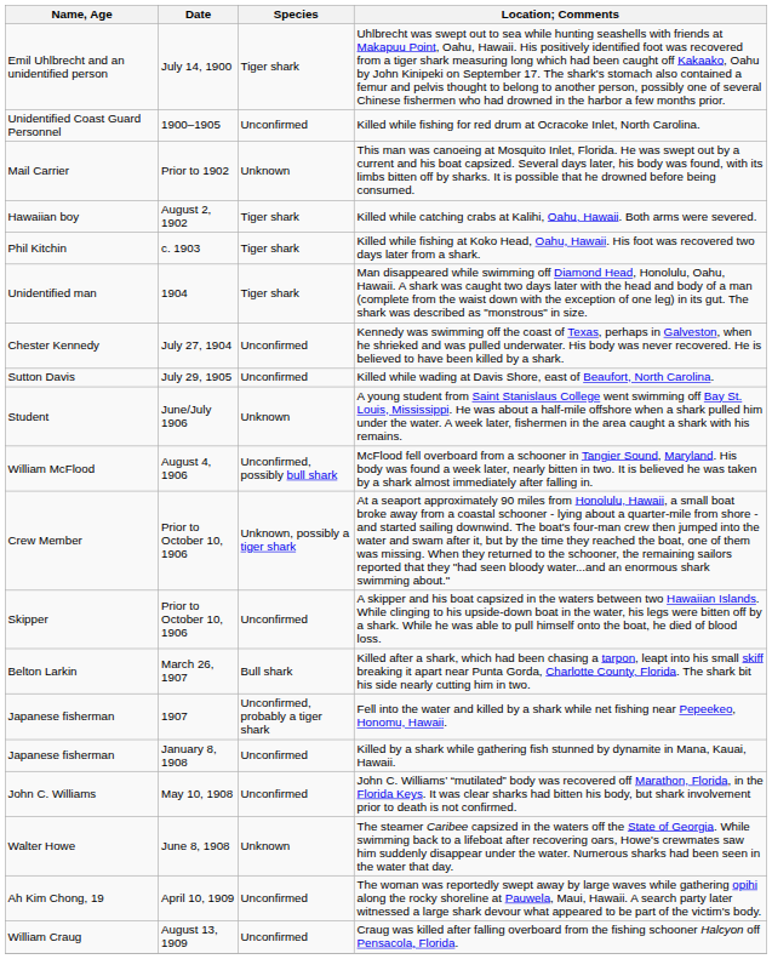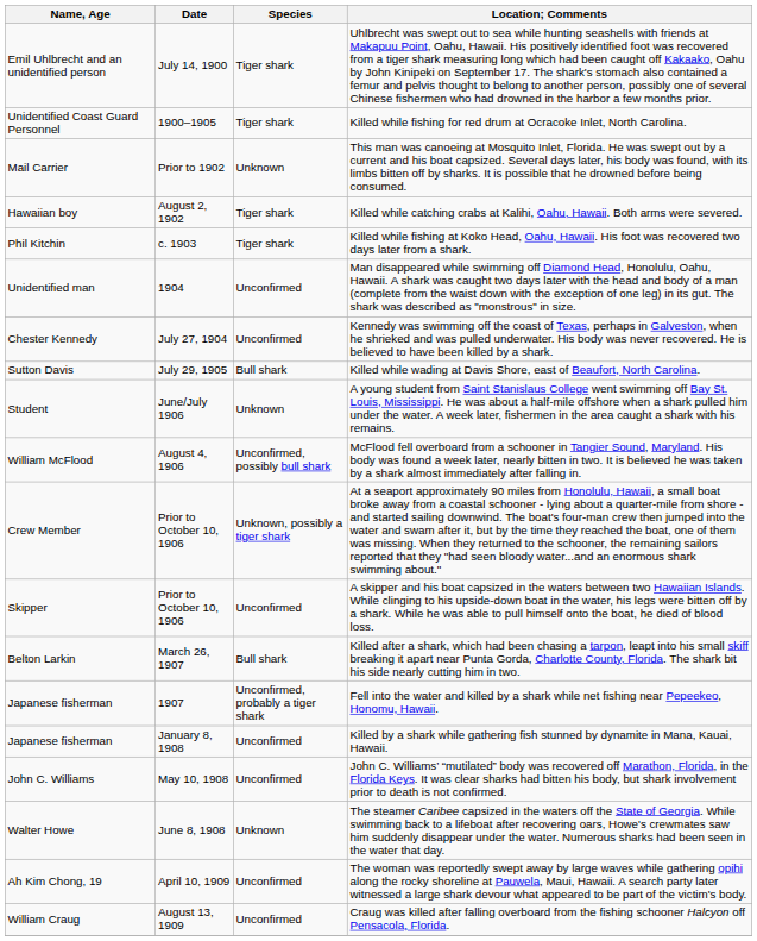 <table class="wikitable">
 <tr>
 <th width="200">Name, Age</th>
 <th width="100">Date</th>
 <th width="150">Species</th>
 <th width="550">Location; Comments</th>
 </tr>
 <tr>
 <td>Emil Uhlbrecht and an unidentified person</td>
 <td>July 14, 1900</td>
 <td>Tiger shark</td>
 <td>Uhlbrecht was swept out to sea while hunting seashells with friends at <a href='#'>Makapuu Point</a>, Oahu, Hawaii. His positively identified foot was recovered from a tiger shark measuring  long which had been caught off <a href='#'>Kakaako</a>, Oahu by John Kinipeki on September 17. The shark's stomach also contained a femur and pelvis thought to belong to another person, possibly one of several Chinese fishermen who had drowned in the harbor a few months prior.</td>
 </tr>
 <tr>
 <td>Unidentified Coast Guard Personnel</td>
 <td>1900–1905</td>
-<td>Unconfirmed</td>
+<td>Tiger shark</td>
 <td>Killed while fishing for red drum at Ocracoke Inlet, North Carolina.</td>
 </tr>
 <tr>
 <td>Mail Carrier</td>
 <td>Prior to 1902</td>
 <td>Unknown</td>
 <td>This man was canoeing at Mosquito Inlet, Florida. He was swept out by a current and his boat capsized. Several days later, his body was found, with its limbs bitten off by sharks. It is possible that he drowned before being consumed.</td>
 </tr>
 <tr>
 <td>Hawaiian boy</td>
 <td>August 2, 1902</td>
 <td>Tiger shark</td>
 <td>Killed while catching crabs at Kalihi, <a href='#'>Oahu, Hawaii</a>. Both arms were severed.</td>
 </tr>
 <tr>
 <td>Phil Kitchin</td>
 <td>c. 1903</td>
 <td>Tiger shark</td>
 <td>Killed while fishing at Koko Head, <a href='#'>Oahu, Hawaii</a>. His foot was recovered two days later from a shark.</td>
 </tr>
 <tr>
 <td>Unidentified man</td>
 <td>1904</td>
-<td>Tiger shark</td>
+<td>Unconfirmed</td>
 <td>Man disappeared while swimming off <a href='#'>Diamond Head</a>, Honolulu, Oahu, Hawaii. A shark was caught two days later with the head and body of a man (complete from the waist down with the exception of one leg) in its gut. The shark was described as "monstrous" in size.</td>
 </tr>
 <tr>
 <td>Chester Kennedy</td>
 <td>July 27, 1904</td>
 <td>Unconfirmed</td>
 <td>Kennedy was swimming off the coast of <a href='#'>Texas</a>, perhaps in <a href='#'>Galveston</a>, when he shrieked and was pulled underwater. His body was never recovered. He is believed to have been killed by a shark.</td>
 </tr>
 <tr>
 <td>Sutton Davis</td>
 <td>July 29, 1905</td>
-<td>Unconfirmed</td>
+<td>Bull shark</td>
 <td>Killed while wading at Davis Shore, east of <a href='#'>Beaufort, North Carolina</a>.</td>
 </tr>
 <tr>
 <td>Student</td>
 <td>June/July 1906</td>
 <td>Unknown</td>
 <td>A young student from <a href='#'>Saint Stanislaus College</a> went swimming off <a href='#'>Bay St. Louis, Mississippi</a>. He was about a half-mile offshore when a shark pulled him under the water. A week later, fishermen in the area caught a shark with his remains.</td>
 </tr>
 <tr>
 <td>William McFlood</td>
 <td>August 4, 1906</td>
 <td>Unconfirmed, possibly <a href='#'>bull shark</a></td>
 <td>McFlood fell overboard from a schooner in <a href='#'>Tangier Sound</a>, <a href='#'>Maryland</a>. His body was found a week later, nearly bitten in two. It is believed he was taken by a shark almost immediately after falling in.</td>
 </tr>
 <tr>
 <td>Crew Member</td>
 <td>Prior to October 10, 1906</td>
 <td>Unknown, possibly a <a href='#'>tiger shark</a></td>
 <td>At a seaport approximately 90 miles from <a href='#'>Honolulu, Hawaii</a>, a small boat broke away from a coastal schooner - lying about a quarter-mile from shore - and started sailing downwind. The boat's four-man crew then jumped into the water and swam after it, but by the time they reached the boat, one of them was missing. When they returned to the schooner, the remaining sailors reported that they "had seen bloody water...and an enormous shark swimming about."</td>
 </tr>
 <tr>
 <td>Skipper</td>
 <td>Prior to October 10, 1906</td>
 <td>Unconfirmed</td>
 <td>A skipper and his boat capsized in the waters between two <a href='#'>Hawaiian Islands</a>. While clinging to his upside-down boat in the water, his legs were bitten off by a shark. While he was able to pull himself onto the boat, he died of blood loss.</td>
 </tr>
 <tr>
 <td>Belton Larkin</td>
 <td>March 26, 1907</td>
 <td>Bull shark</td>
 <td>Killed after a shark, which had been chasing a <a href='#'>tarpon</a>, leapt into his small <a href='#'>skiff</a> breaking it apart near Punta Gorda, <a href='#'>Charlotte County, Florida</a>. The shark bit his side nearly cutting him in two.</td>
 </tr>
 <tr>
 <td>Japanese fisherman</td>
 <td>1907</td>
 <td>Unconfirmed, probably a tiger shark</td>
 <td>Fell into the water and killed by a shark while net fishing near <a href='#'>Pepeekeo</a>, <a href='#'>Honomu, Hawaii</a>.</td>
 </tr>
 <tr>
 <td>Japanese fisherman</td>
 <td>January 8, 1908</td>
 <td>Unconfirmed</td>
 <td>Killed by a shark while gathering fish stunned by dynamite in Mana, Kauai, Hawaii.</td>
 </tr>
 <tr>
 <td>John C. Williams</td>
 <td>May 10, 1908</td>
 <td>Unconfirmed</td>
 <td>John C. Williams’ “mutilated” body was recovered off <a href='#'>Marathon, Florida</a>, in the <a href='#'>Florida Keys</a>. It was clear sharks had bitten his body, but shark involvement prior to death is not confirmed.</td>
 </tr>
 <tr>
 <td>Walter Howe</td>
 <td>June 8, 1908</td>
 <td>Unknown</td>
 <td>The steamer <em>Caribee</em> capsized in the waters off the <a href='#'>State of Georgia</a>. While swimming back to a lifeboat after recovering oars, Howe's crewmates saw him suddenly disappear under the water. Numerous sharks had been seen in the water that day.</td>
 </tr>
 <tr>
 <td>Ah Kim Chong, 19</td>
 <td>April 10, 1909</td>
 <td>Unconfirmed</td>
 <td>The woman was reportedly swept away by large waves while gathering <a href='#'>opihi</a> along the rocky shoreline at <a href='#'>Pauwela</a>, Maui, Hawaii. A search party later witnessed a large shark devour what appeared to be part of the victim's body.</td>
 </tr>
 <tr>
 <td>William Craug</td>
 <td>August 13, 1909</td>
 <td>Unconfirmed</td>
 <td>Craug was killed after falling overboard from the fishing schooner <em>Halcyon</em> off <a href='#'>Pensacola, Florida</a>.</td>
 </tr>
 <tr>
 </tr>
 </table>
